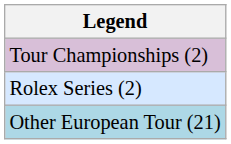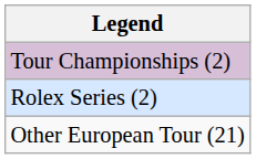 <table class="wikitable" style="font-size:95%;">
 <tr>
 <th>Legend</th>
 </tr>
 <tr style="background:thistle;">
 <td>Tour Championships (2)</td>
 </tr>
 <tr style="background:#D6E8FF;">
 <td>Rolex Series (2)</td>
 </tr>
 <tr>
-<td style="background: lightblue;">Other European Tour (21)</td>
+<td>Other European Tour (21)</td>
 </tr>
 </table>
